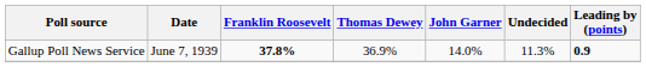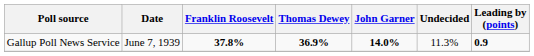 <table class="wikitable sortable collapsible collapsed">
 <tr>
 <th>Poll source</th>
 <th>Date</th>
 <th><a href='#'>Franklin Roosevelt</a><br><small></small></th>
 <th><a href='#'>Thomas Dewey</a><br><small></small></th>
 <th><a href='#'>John Garner</a><br><small></small></th>
 <th>Undecided</th>
 <th>Leading by<br>(<a href='#'>points</a>)</th>
 </tr>
 <tr>
 <td>Gallup Poll News Service</td>
 <td>June 7, 1939</td>
 <td align="center" ><strong>37.8%</strong></td>
-<td align="center">36.9%</td>
-<td align="center">14.0%</td>
+<td align="center"><strong>36.9%</strong></td>
+<td align="center"><strong>14.0%</strong></td>
 <td align="center">11.3%</td>
 <td><strong>0.9</strong></td>
 </tr>
 <tr>
 </tr>
 </table>
